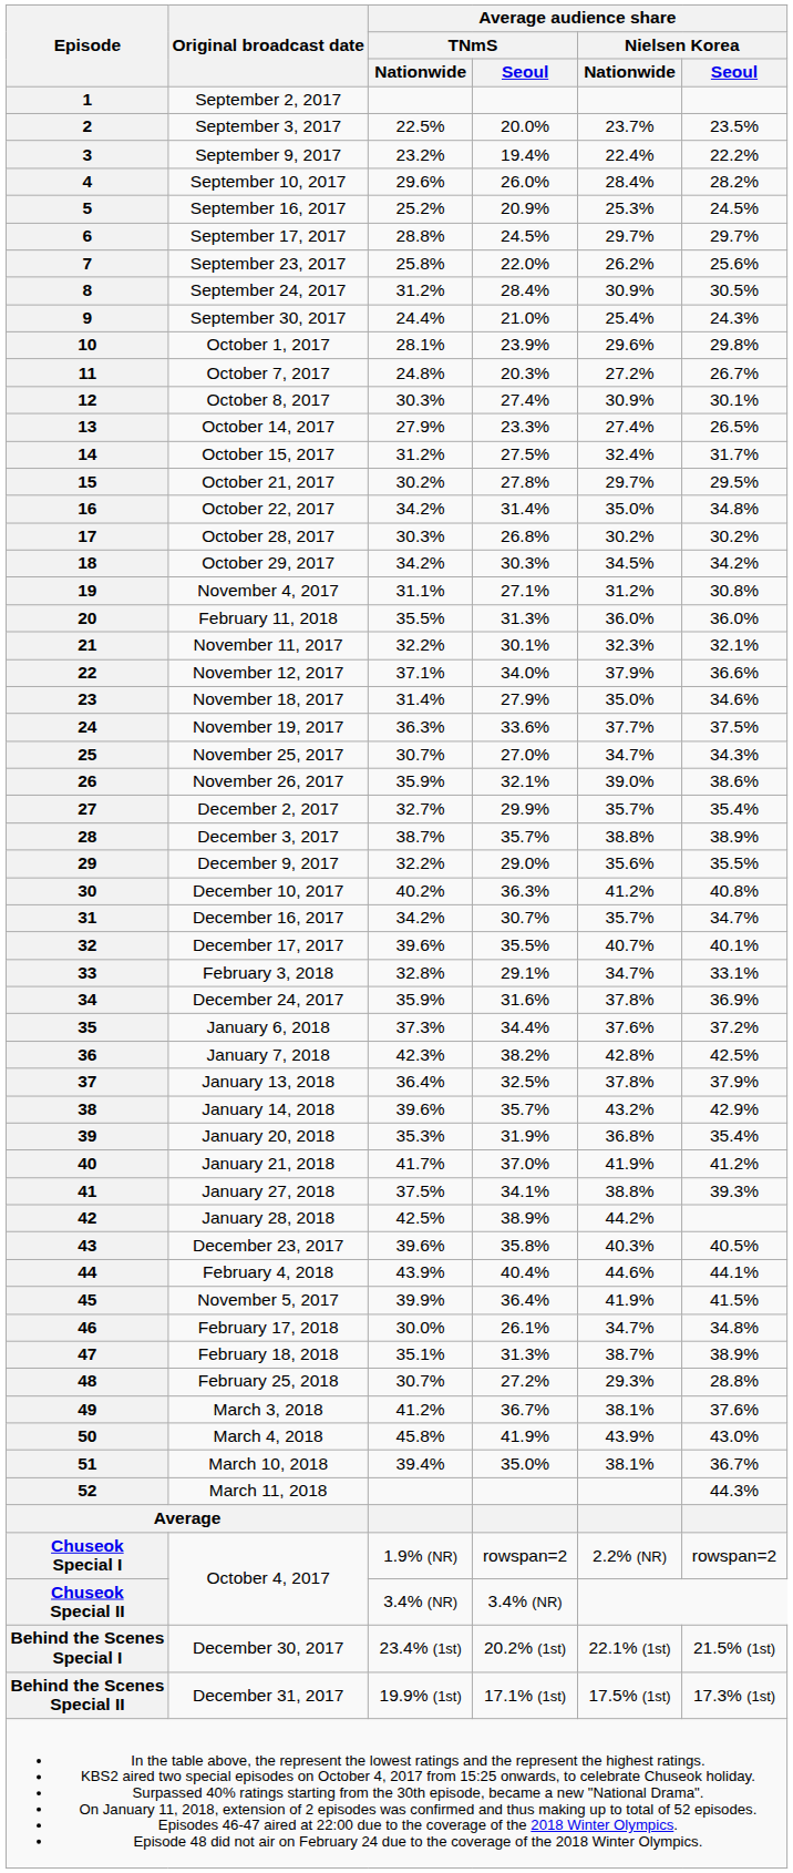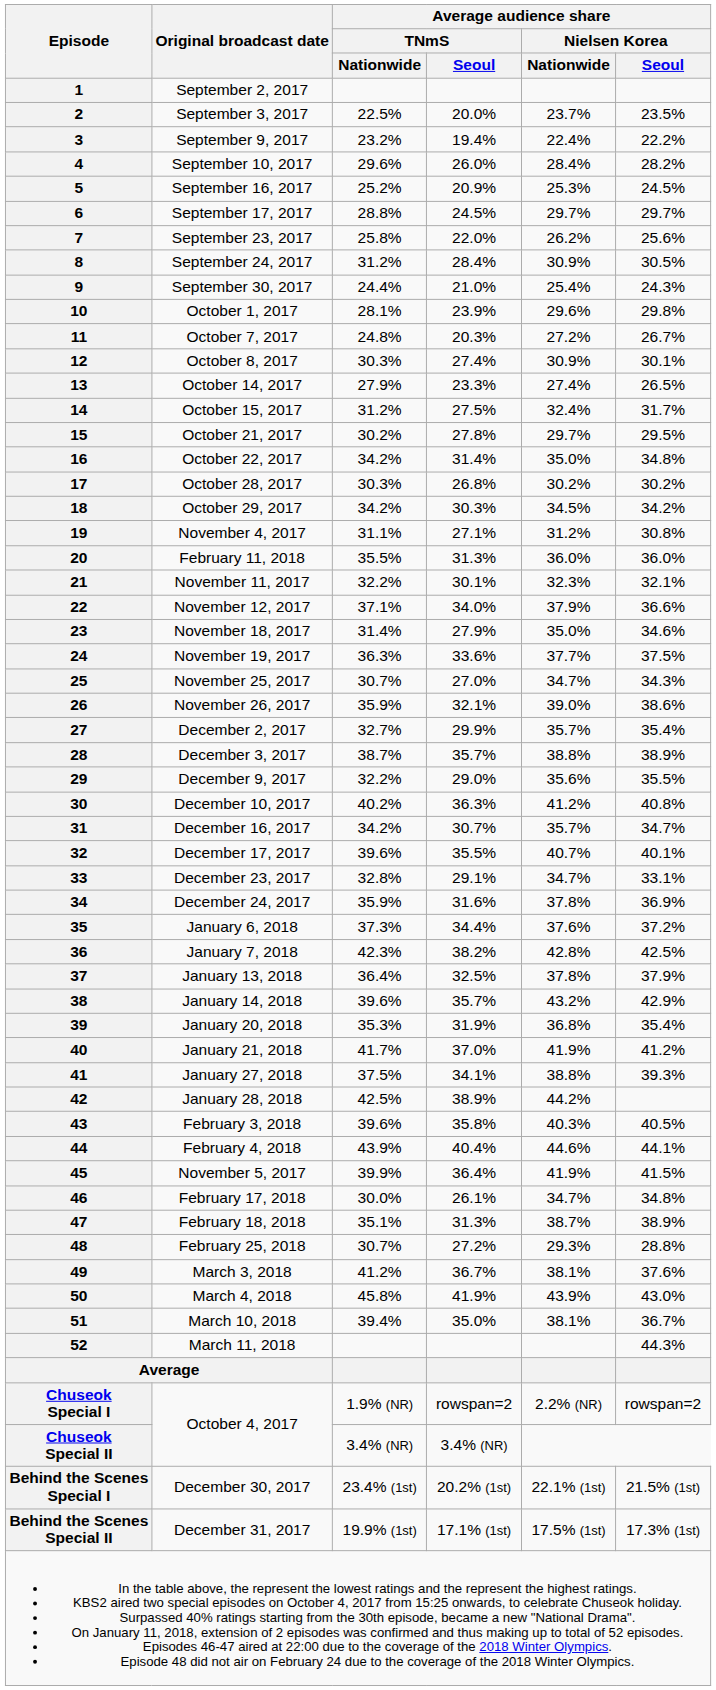 <table class="wikitable" style="text-align:center; margin-left: auto; margin-right: auto; border: none;">
 <tr>
 </tr>
 <tr>
 <th rowspan="3">Episode</th>
 <th rowspan="3">Original broadcast date</th>
 <th colspan="4">Average audience share</th>
 </tr>
 <tr>
 <th colspan="2">TNmS</th>
 <th colspan="2">Nielsen Korea</th>
 </tr>
 <tr>
 <th width="90">Nationwide</th>
 <th width="90"><a href='#'>Seoul</a></th>
 <th width="90">Nationwide</th>
 <th width="90"><a href='#'>Seoul</a></th>
 </tr>
 <tr>
 <th>1</th>
 <td>September 2, 2017</td>
 <td> </td>
 <td> </td>
 <td> </td>
 <td> </td>
 </tr>
 <tr>
 <th>2</th>
 <td>September 3, 2017</td>
 <td>22.5% </td>
 <td>20.0% </td>
 <td>23.7% </td>
 <td>23.5% </td>
 </tr>
 <tr>
 <th>3</th>
 <td>September 9, 2017</td>
 <td>23.2% </td>
 <td>19.4% </td>
 <td>22.4% </td>
 <td>22.2% </td>
 </tr>
 <tr>
 <th>4</th>
 <td>September 10, 2017</td>
 <td>29.6% </td>
 <td>26.0% </td>
 <td>28.4% </td>
 <td>28.2% </td>
 </tr>
 <tr>
 <th>5</th>
 <td>September 16, 2017</td>
 <td>25.2% </td>
 <td>20.9% </td>
 <td>25.3% </td>
 <td>24.5% </td>
 </tr>
 <tr>
 <th>6</th>
 <td>September 17, 2017</td>
 <td>28.8% </td>
 <td>24.5% </td>
 <td>29.7% </td>
 <td>29.7% </td>
 </tr>
 <tr>
 <th>7</th>
 <td>September 23, 2017</td>
 <td>25.8% </td>
 <td>22.0% </td>
 <td>26.2% </td>
 <td>25.6% </td>
 </tr>
 <tr>
 <th>8</th>
 <td>September 24, 2017</td>
 <td>31.2% </td>
 <td>28.4% </td>
 <td>30.9% </td>
 <td>30.5% </td>
 </tr>
 <tr>
 <th>9</th>
 <td>September 30, 2017</td>
 <td>24.4% </td>
 <td>21.0% </td>
 <td>25.4% </td>
 <td>24.3% </td>
 </tr>
 <tr>
 <th>10</th>
 <td>October 1, 2017</td>
 <td>28.1% </td>
 <td>23.9% </td>
 <td>29.6% </td>
 <td>29.8% </td>
 </tr>
 <tr>
 <th>11</th>
 <td>October 7, 2017</td>
 <td>24.8% </td>
 <td>20.3% </td>
 <td>27.2% </td>
 <td>26.7% </td>
 </tr>
 <tr>
 <th>12</th>
 <td>October 8, 2017</td>
 <td>30.3% </td>
 <td>27.4% </td>
 <td>30.9% </td>
 <td>30.1% </td>
 </tr>
 <tr>
 <th>13</th>
 <td>October 14, 2017</td>
 <td>27.9% </td>
 <td>23.3% </td>
 <td>27.4% </td>
 <td>26.5% </td>
 </tr>
 <tr>
 <th>14</th>
 <td>October 15, 2017</td>
 <td>31.2% </td>
 <td>27.5% </td>
 <td>32.4% </td>
 <td>31.7% </td>
 </tr>
 <tr>
 <th>15</th>
 <td>October 21, 2017</td>
 <td>30.2% </td>
 <td>27.8% </td>
 <td>29.7% </td>
 <td>29.5% </td>
 </tr>
 <tr>
 <th>16</th>
 <td>October 22, 2017</td>
 <td>34.2% </td>
 <td>31.4% </td>
 <td>35.0% </td>
 <td>34.8% </td>
 </tr>
 <tr>
 <th>17</th>
 <td>October 28, 2017</td>
 <td>30.3% </td>
 <td>26.8% </td>
 <td>30.2% </td>
 <td>30.2% </td>
 </tr>
 <tr>
 <th>18</th>
 <td>October 29, 2017</td>
 <td>34.2% </td>
 <td>30.3% </td>
 <td>34.5% </td>
 <td>34.2% </td>
 </tr>
 <tr>
 <th>19</th>
 <td>November 4, 2017</td>
 <td>31.1% </td>
 <td>27.1% </td>
 <td>31.2% </td>
 <td>30.8% </td>
 </tr>
 <tr>
 <th>20</th>
 <td>February 11, 2018</td>
 <td>35.5% </td>
 <td>31.3% </td>
 <td>36.0% </td>
 <td>36.0% </td>
 </tr>
 <tr>
 <th>21</th>
 <td>November 11, 2017</td>
 <td>32.2% </td>
 <td>30.1% </td>
 <td>32.3% </td>
 <td>32.1% </td>
 </tr>
 <tr>
 <th>22</th>
 <td>November 12, 2017</td>
 <td>37.1% </td>
 <td>34.0% </td>
 <td>37.9% </td>
 <td>36.6% </td>
 </tr>
 <tr>
 <th>23</th>
 <td>November 18, 2017</td>
 <td>31.4% </td>
 <td>27.9% </td>
 <td>35.0% </td>
 <td>34.6% </td>
 </tr>
 <tr>
 <th>24</th>
 <td>November 19, 2017</td>
 <td>36.3% </td>
 <td>33.6% </td>
 <td>37.7% </td>
 <td>37.5% </td>
 </tr>
 <tr>
 <th>25</th>
 <td>November 25, 2017</td>
 <td>30.7% </td>
 <td>27.0% </td>
 <td>34.7% </td>
 <td>34.3% </td>
 </tr>
 <tr>
 <th>26</th>
 <td>November 26, 2017</td>
 <td>35.9% </td>
 <td>32.1% </td>
 <td>39.0% </td>
 <td>38.6% </td>
 </tr>
 <tr>
 <th>27</th>
 <td>December 2, 2017</td>
 <td>32.7% </td>
 <td>29.9% </td>
 <td>35.7% </td>
 <td>35.4% </td>
 </tr>
 <tr>
 <th>28</th>
 <td>December 3, 2017</td>
 <td>38.7% </td>
 <td>35.7% </td>
 <td>38.8% </td>
 <td>38.9% </td>
 </tr>
 <tr>
 <th>29</th>
 <td>December 9, 2017</td>
 <td>32.2% </td>
 <td>29.0% </td>
 <td>35.6% </td>
 <td>35.5% </td>
 </tr>
 <tr>
 <th>30</th>
 <td>December 10, 2017</td>
 <td>40.2% </td>
 <td>36.3% </td>
 <td>41.2% </td>
 <td>40.8% </td>
 </tr>
 <tr>
 <th>31</th>
 <td>December 16, 2017</td>
 <td>34.2% </td>
 <td>30.7% </td>
 <td>35.7% </td>
 <td>34.7% </td>
 </tr>
 <tr>
 <th>32</th>
 <td>December 17, 2017</td>
 <td>39.6% </td>
 <td>35.5% </td>
 <td>40.7% </td>
 <td>40.1% </td>
 </tr>
 <tr>
 <th>33</th>
-<td>February 3, 2018</td>
+<td>December 23, 2017</td>
 <td>32.8% </td>
 <td>29.1% </td>
 <td>34.7% </td>
 <td>33.1% </td>
 </tr>
 <tr>
 <th>34</th>
 <td>December 24, 2017</td>
 <td>35.9% </td>
 <td>31.6% </td>
 <td>37.8% </td>
 <td>36.9% </td>
 </tr>
 <tr>
 <th>35</th>
 <td>January 6, 2018</td>
 <td>37.3% </td>
 <td>34.4% </td>
 <td>37.6% </td>
 <td>37.2% </td>
 </tr>
 <tr>
 <th>36</th>
 <td>January 7, 2018</td>
 <td>42.3% </td>
 <td>38.2% </td>
 <td>42.8% </td>
 <td>42.5% </td>
 </tr>
 <tr>
 <th>37</th>
 <td>January 13, 2018</td>
 <td>36.4% </td>
 <td>32.5% </td>
 <td>37.8% </td>
 <td>37.9% </td>
 </tr>
 <tr>
 <th>38</th>
 <td>January 14, 2018</td>
 <td>39.6% </td>
 <td>35.7% </td>
 <td>43.2% </td>
 <td>42.9% </td>
 </tr>
 <tr>
 <th>39</th>
 <td>January 20, 2018</td>
 <td>35.3% </td>
 <td>31.9% </td>
 <td>36.8% </td>
 <td>35.4% </td>
 </tr>
 <tr>
 <th>40</th>
 <td>January 21, 2018</td>
 <td>41.7% </td>
 <td>37.0% </td>
 <td>41.9% </td>
 <td>41.2% </td>
 </tr>
 <tr>
 <th>41</th>
 <td>January 27, 2018</td>
 <td>37.5% </td>
 <td>34.1% </td>
 <td>38.8% </td>
 <td>39.3% </td>
 </tr>
 <tr>
 <th>42</th>
 <td>January 28, 2018</td>
 <td>42.5% </td>
 <td>38.9% </td>
 <td>44.2% </td>
 <td> </td>
 </tr>
 <tr>
 <th>43</th>
-<td>December 23, 2017</td>
+<td>February 3, 2018</td>
 <td>39.6% </td>
 <td>35.8% </td>
 <td>40.3% </td>
 <td>40.5% </td>
 </tr>
 <tr>
 <th>44</th>
 <td>February 4, 2018</td>
 <td>43.9% </td>
 <td>40.4% </td>
 <td>44.6% </td>
 <td>44.1% </td>
 </tr>
 <tr>
 <th>45</th>
 <td>November 5, 2017</td>
 <td>39.9% </td>
 <td>36.4% </td>
 <td>41.9% </td>
 <td>41.5% </td>
 </tr>
 <tr>
 <th>46</th>
 <td>February 17, 2018</td>
 <td>30.0% </td>
 <td>26.1% </td>
 <td>34.7% </td>
 <td>34.8% </td>
 </tr>
 <tr>
 <th>47</th>
 <td>February 18, 2018</td>
 <td>35.1% </td>
 <td>31.3% </td>
 <td>38.7% </td>
 <td>38.9% </td>
 </tr>
 <tr>
 <th>48</th>
 <td>February 25, 2018</td>
 <td>30.7% </td>
 <td>27.2% </td>
 <td>29.3% </td>
 <td>28.8% </td>
 </tr>
 <tr>
 <th>49</th>
 <td>March 3, 2018</td>
 <td>41.2% </td>
 <td>36.7% </td>
 <td>38.1% </td>
 <td>37.6% </td>
 </tr>
 <tr>
 <th>50</th>
 <td>March 4, 2018</td>
 <td>45.8% </td>
 <td>41.9% </td>
 <td>43.9% </td>
 <td>43.0% </td>
 </tr>
 <tr>
 <th>51</th>
 <td>March 10, 2018</td>
 <td>39.4% </td>
 <td>35.0% </td>
 <td>38.1% </td>
 <td>36.7% </td>
 </tr>
 <tr>
 <th>52</th>
 <td>March 11, 2018</td>
 <td> </td>
 <td> </td>
 <td> </td>
 <td>44.3% </td>
 </tr>
 <tr>
 <th colspan="2">Average</th>
 <th></th>
 <th></th>
 <th></th>
 <th></th>
 </tr>
 <tr>
 <th><a href='#'>Chuseok</a><br>Special I</th>
 <td rowspan=2>October 4, 2017</td>
 <td>1.9% <small>(NR)</small></td>
 <td>rowspan=2 </td>
 <td>2.2% <small>(NR)</small></td>
 <td>rowspan=2 </td>
 </tr>
 <tr>
 <th><a href='#'>Chuseok</a><br>Special II</th>
 <td>3.4% <small>(NR)</small></td>
 <td>3.4% <small>(NR)</small></td>
 </tr>
 <tr>
 <th>Behind the Scenes<br>Special I</th>
 <td>December 30, 2017</td>
 <td>23.4% <small>(1st)</small></td>
 <td>20.2% <small>(1st)</small></td>
 <td>22.1% <small>(1st)</small></td>
 <td>21.5% <small>(1st)</small></td>
 </tr>
 <tr>
 <th>Behind the Scenes<br>Special II</th>
 <td>December 31, 2017</td>
 <td>19.9% <small>(1st)</small></td>
 <td>17.1% <small>(1st)</small></td>
 <td>17.5% <small>(1st)</small></td>
 <td>17.3% <small>(1st)</small></td>
 </tr>
 <tr>
 <td colspan="6" style="font-size:85%"><br><ul><li>In the table above, the <strong></strong> represent the lowest ratings and the <strong></strong> represent the highest ratings.</li><li>KBS2 aired two special episodes on October 4, 2017 from 15:25 onwards, to celebrate Chuseok holiday.</li><li>Surpassed 40% ratings starting from the 30th episode, became a new "National Drama".</li><li>On January 11, 2018, extension of 2 episodes was confirmed and thus making up to total of 52 episodes.</li><li>Episodes 46-47 aired at 22:00 due to the coverage of the <a href='#'>2018 Winter Olympics</a>.</li><li>Episode 48 did not air on February 24 due to the coverage of the 2018 Winter Olympics.</li></ul></td>
 </tr>
 </table>
